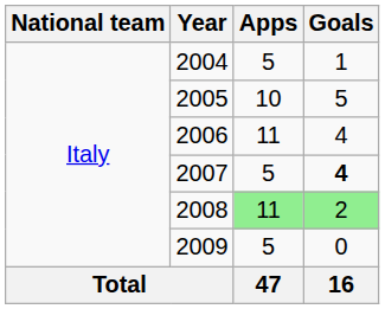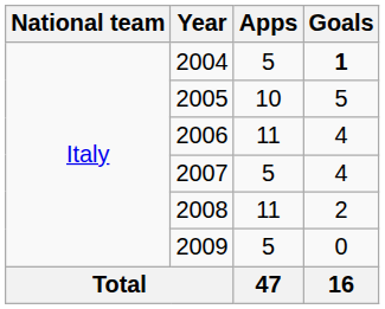 <table class="wikitable" style="text-align:center">
 <tr>
 <th>National team</th>
 <th>Year</th>
 <th>Apps</th>
 <th>Goals</th>
 </tr>
 <tr>
 <td rowspan="6"><a href='#'>Italy</a></td>
 <td>2004</td>
 <td>5</td>
-<td>1</td>
+<td><strong>1</strong></td>
 </tr>
 <tr>
 <td>2005</td>
 <td>10</td>
 <td>5</td>
 </tr>
 <tr>
 <td>2006</td>
 <td>11</td>
 <td>4</td>
 </tr>
 <tr>
 <td>2007</td>
 <td>5</td>
-<td><strong>4</strong></td>
+<td>4</td>
 </tr>
 <tr>
 <td>2008</td>
-<td style="background: lightgreen;">11</td>
-<td style="background: lightgreen;">2</td>
+<td>11</td>
+<td>2</td>
 </tr>
 <tr>
 <td>2009</td>
 <td>5</td>
 <td>0</td>
 </tr>
 <tr>
 <th colspan="2">Total</th>
 <th>47</th>
 <th>16</th>
 </tr>
 </table>
